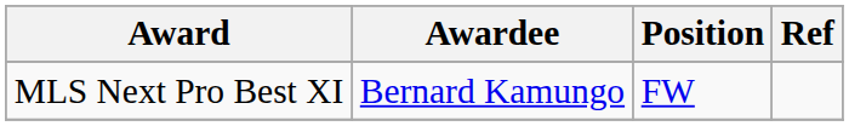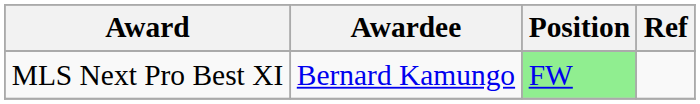 <table class="wikitable">
 <tr style="background:#cccccc;">
 <th>Award</th>
 <th>Awardee</th>
 <th>Position</th>
 <th>Ref</th>
 </tr>
 <tr>
 </tr>
 <tr>
 <td>MLS Next Pro Best XI</td>
 <td><a href='#'>Bernard Kamungo</a></td>
-<td><a href='#'>FW</a></td>
+<td style="background: lightgreen;"><a href='#'>FW</a></td>
 <td style="text-align: center;"></td>
 </tr>
 <tr>
 </tr>
 </table>
